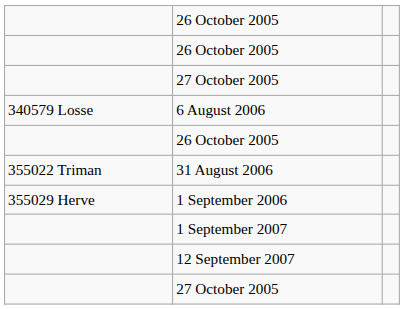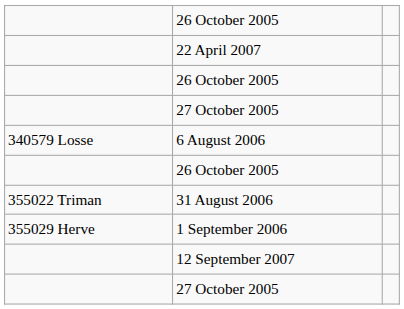 <table class="wikitable" style="font-size: 89%; float: left; width: 26em; margin-right: 1em; height: 280px;">
 <tr>
 <td></td>
 <td>26 October 2005</td>
+<td></td>
+</tr>
+<tr>
+<td></td>
+<td>22 April 2007</td>
 <td></td>
 </tr>
 <tr>
 <td></td>
 <td>26 October 2005</td>
 <td></td>
 </tr>
 <tr>
 <td></td>
 <td>27 October 2005</td>
 <td></td>
 </tr>
 <tr>
 <td>340579 Losse</td>
 <td>6 August 2006</td>
 <td></td>
 </tr>
 <tr>
 <td></td>
 <td>26 October 2005</td>
 <td></td>
 </tr>
 <tr>
 <td>355022 Triman</td>
 <td>31 August 2006</td>
 <td></td>
 </tr>
 <tr>
 <td>355029 Herve</td>
 <td>1 September 2006</td>
 <td></td>
 </tr>
 <tr>
 <td></td>
-<td>1 September 2007</td>
-<td> </td>
-</tr>
-<tr>
-<td></td>
 <td>12 September 2007</td>
 <td> </td>
 </tr>
 <tr>
 <td></td>
 <td>27 October 2005</td>
 <td></td>
 </tr>
 </table>
